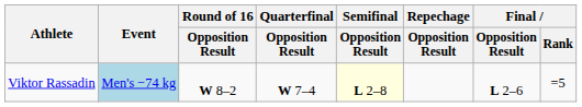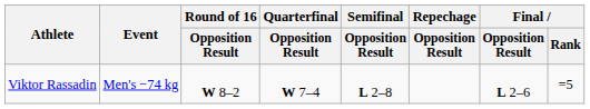 <table class="wikitable" style="font-size:90%">
 <tr>
 <th rowspan=2>Athlete</th>
 <th rowspan=2>Event</th>
 <th>Round of 16</th>
 <th>Quarterfinal</th>
 <th>Semifinal</th>
 <th>Repechage</th>
 <th colspan=2>Final / </th>
 </tr>
 <tr style="font-size: 95%">
 <th>Opposition<br>Result</th>
 <th>Opposition<br>Result</th>
 <th>Opposition<br>Result</th>
 <th>Opposition<br>Result</th>
 <th>Opposition<br>Result</th>
 <th>Rank</th>
 </tr>
 <tr align=center>
 <td align=left><a href='#'>Viktor Rassadin</a></td>
-<td align=left style="background: lightblue;"><a href='#'>Men's −74 kg</a></td>
+<td align=left><a href='#'>Men's −74 kg</a></td>
 <td><br><strong>W</strong> 8–2</td>
 <td><br><strong>W</strong> 7–4</td>
-<td style="background: lightyellow;"><br><strong>L</strong> 2–8</td>
+<td><br><strong>L</strong> 2–8</td>
 <td></td>
 <td><br><strong>L</strong> 2–6</td>
 <td>=5</td>
 </tr>
 </table>
